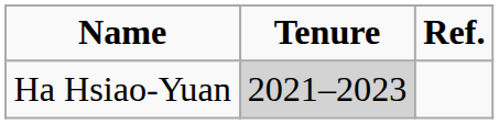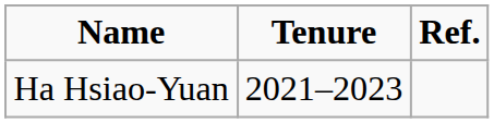 <table class="wikitable" style="text-align:center">
 <tr style="font-weight:bold;">
 <td>Name</td>
 <td>Tenure</td>
 <td>Ref.</td>
 </tr>
 <tr>
 <td>Ha Hsiao-Yuan</td>
-<td style="background: lightgrey;">2021–2023</td>
+<td>2021–2023</td>
 <td></td>
 </tr>
 </table>
